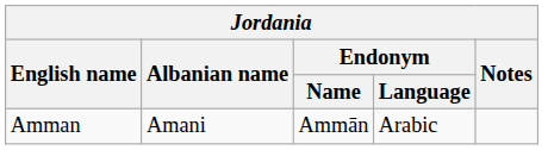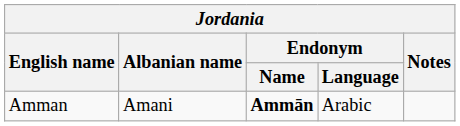 <table class="wikitable sortable">
 <tr>
 <th colspan="5"> <em>Jordania</em></th>
 </tr>
 <tr>
 <th rowspan="2">English name</th>
 <th rowspan="2">Albanian name</th>
 <th colspan="2">Endonym</th>
 <th rowspan="2">Notes</th>
 </tr>
 <tr>
 <th>Name</th>
 <th>Language</th>
 </tr>
 <tr>
 <td>Amman</td>
 <td>Amani</td>
-<td>Ammān</td>
+<td><strong>Ammān</strong></td>
 <td>Arabic</td>
 <td></td>
 </tr>
 </table>
